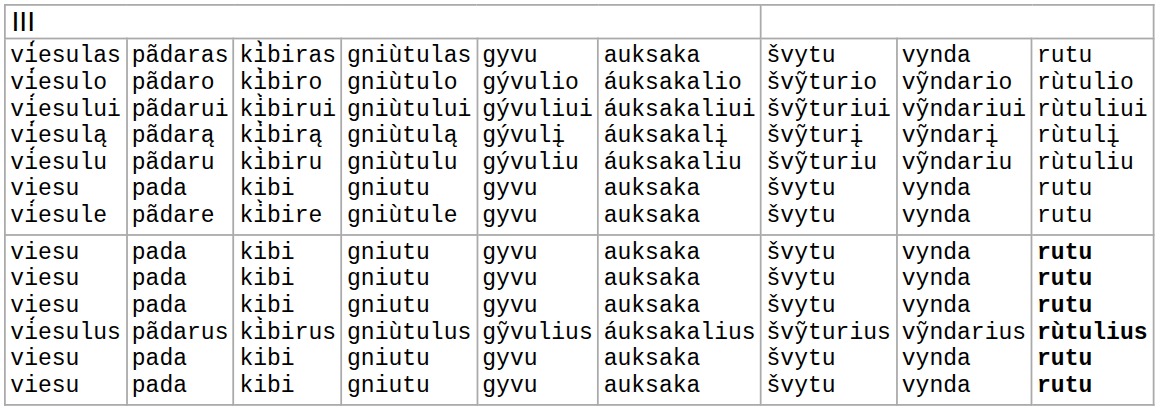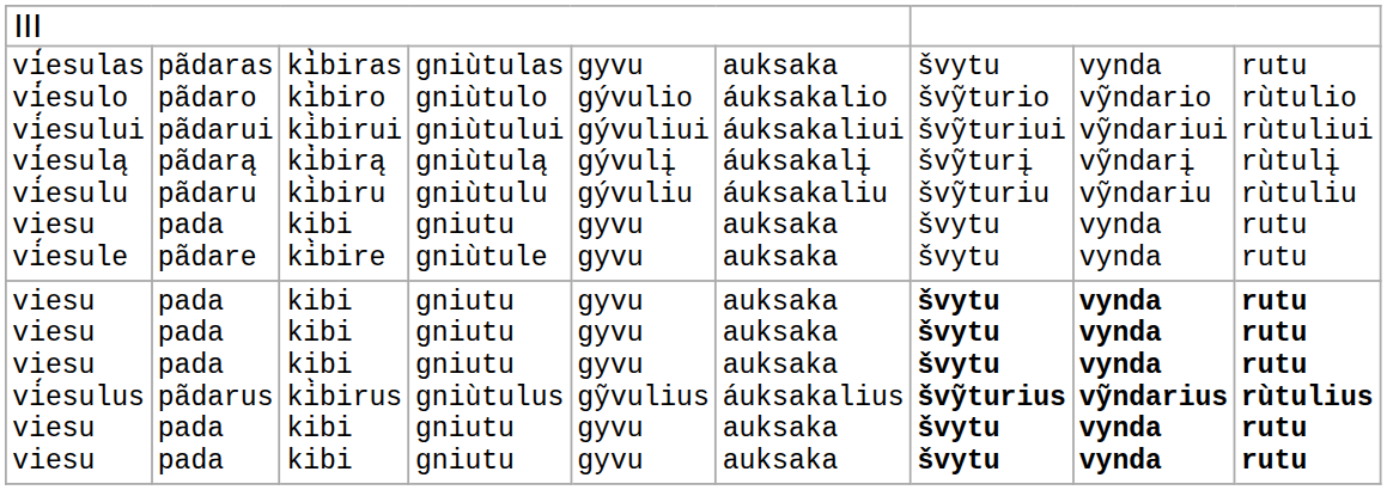 <table class=wikitable style="font-family: monospace; background:#FFFFFF">
 <tr style="font-family: sans-serif; line-height: 0.7em">
 <td colspan=6>III</td>
 </tr>
 <tr>
 <td>vi̇́esulas<br>vi̇́esulo<br>vi̇́esului<br>vi̇́esulą<br>vi̇́esulu<br>viesu<br>vi̇́esule</td>
 <td>pãdaras<br>pãdaro<br>pãdarui<br>pãdarą<br>pãdaru<br>pada<br>pãdare</td>
 <td>ki̇̀biras<br>ki̇̀biro<br>ki̇̀birui<br>ki̇̀birą<br>ki̇̀biru<br>kibi<br>ki̇̀bire</td>
 <td>gniùtulas<br>gniùtulo<br>gniùtului<br>gniùtulą<br>gniùtulu<br>gniutu<br>gniùtule</td>
 <td>gyvu<br>gývulio<br>gývuliui<br>gývulį<br>gývuliu<br>gyvu<br>gyvu</td>
 <td>auksaka<br>áuksakalio<br>áuksakaliui<br>áuksakalį<br>áuksakaliu<br>auksaka<br>auksaka</td>
 <td>švytu<br>švỹturio<br>švỹturiui<br>švỹturį<br>švỹturiu<br>švytu<br>švytu</td>
 <td>vynda<br>vỹndario<br>vỹndariui<br>vỹndarį<br>vỹndariu<br>vynda<br>vynda</td>
 <td>rutu<br>rùtulio<br>rùtuliui<br>rùtulį<br>rùtuliu<br>rutu<br>rutu</td>
 </tr>
 <tr>
 <td>viesu<br>viesu<br>viesu<br>vi̇́esulus<br>viesu<br>viesu</td>
 <td>pada<br>pada<br>pada<br>pãdarus<br>pada<br>pada</td>
 <td>kibi<br>kibi<br>kibi<br>ki̇̀birus<br>kibi<br>kibi</td>
 <td>gniutu<br>gniutu<br>gniutu<br>gniùtulus<br>gniutu<br>gniutu</td>
 <td>gyvu<br>gyvu<br>gyvu<br>gỹvulius<br>gyvu<br>gyvu</td>
 <td>auksaka<br>auksaka<br>auksaka<br>áuksakalius<br>auksaka<br>auksaka</td>
-<td>švytu<br>švytu<br>švytu<br>švỹturius<br>švytu<br>švytu</td>
-<td>vynda<br>vynda<br>vynda<br>vỹndarius<br>vynda<br>vynda</td>
+<td><strong>švytu<br>švytu<br>švytu<br>švỹturius<br>švytu<br>švytu</strong></td>
+<td><strong>vynda<br>vynda<br>vynda<br>vỹndarius<br>vynda<br>vynda</strong></td>
 <td><strong>rutu<br>rutu<br>rutu<br>rùtulius<br>rutu<br>rutu</strong></td>
 </tr>
 </table>
